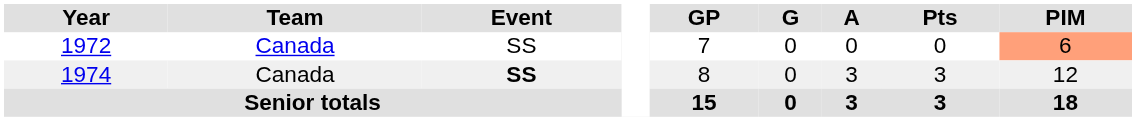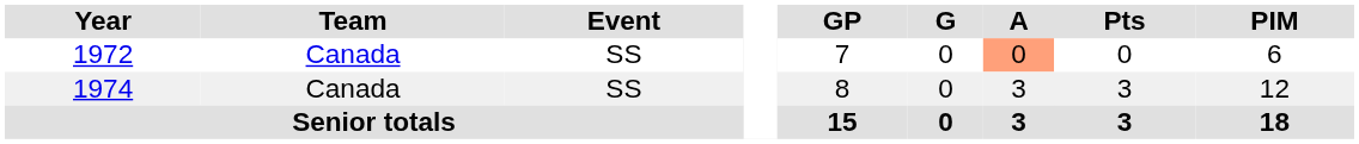 <table border="0" cellpadding="1" cellspacing="0" style="text-align:center; width:50em">
 <tr align="centre" style="background:#e0e0e0;">
 <th>Year</th>
 <th>Team</th>
 <th>Event</th>
 <th rowspan="99" style="background:#fff;"> </th>
 <th>GP</th>
 <th>G</th>
 <th>A</th>
 <th>Pts</th>
 <th>PIM</th>
 </tr>
 <tr>
 <td><a href='#'>1972</a></td>
 <td><a href='#'>Canada</a></td>
 <td>SS</td>
 <td>7</td>
 <td>0</td>
+<td style="background: lightsalmon;">0</td>
 <td>0</td>
-<td>0</td>
-<td style="background: lightsalmon;">6</td>
+<td>6</td>
 </tr>
 <tr style="background:#f0f0f0;">
 <td><a href='#'>1974</a></td>
 <td>Canada</td>
-<td><strong>SS</strong></td>
+<td>SS</td>
 <td>8</td>
 <td>0</td>
 <td>3</td>
 <td>3</td>
 <td>12</td>
 </tr>
 <tr style="background:#e0e0e0;">
 <th colspan=3>Senior totals</th>
 <th>15</th>
 <th>0</th>
 <th>3</th>
 <th>3</th>
 <th>18</th>
 </tr>
 </table>
